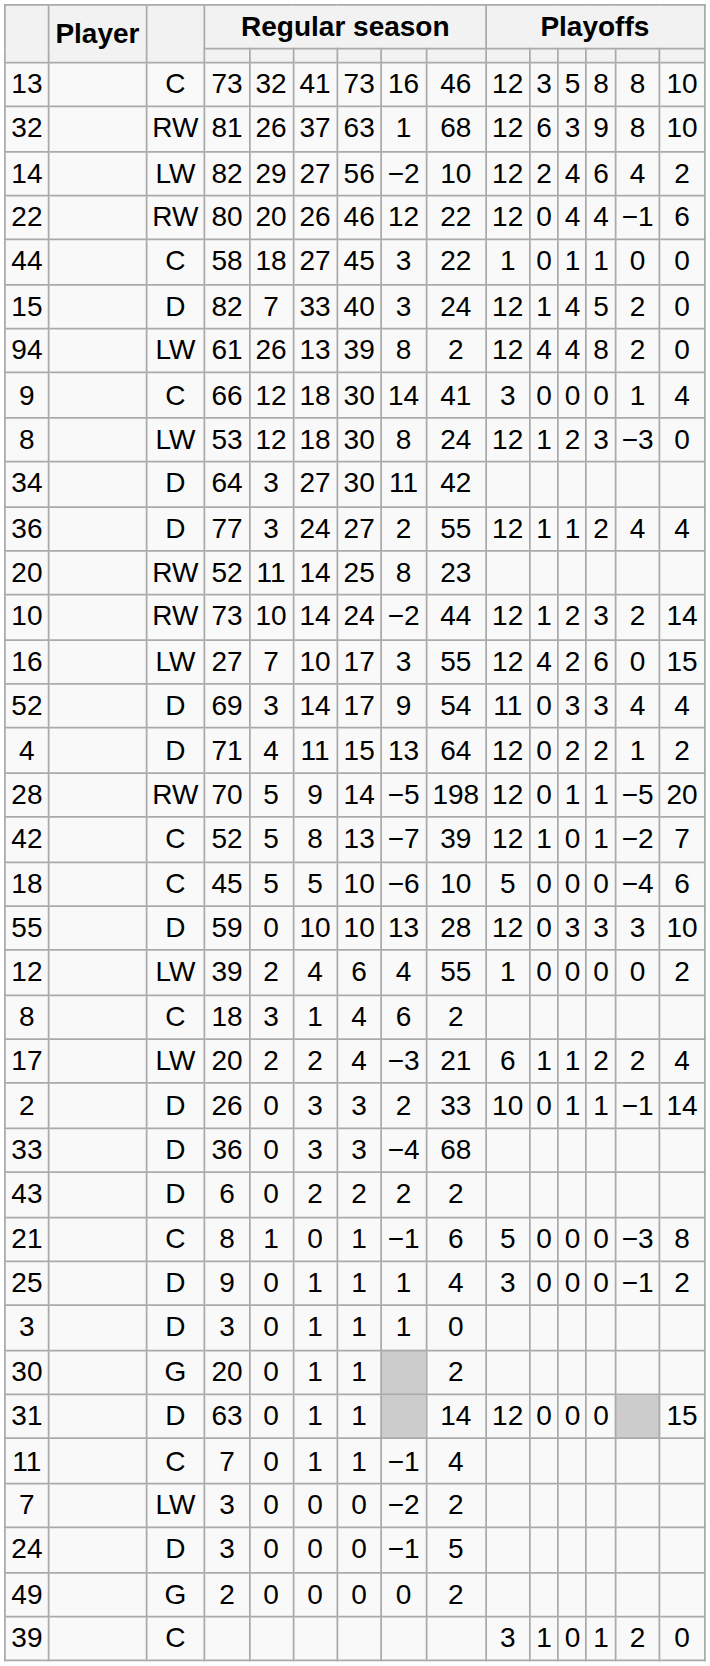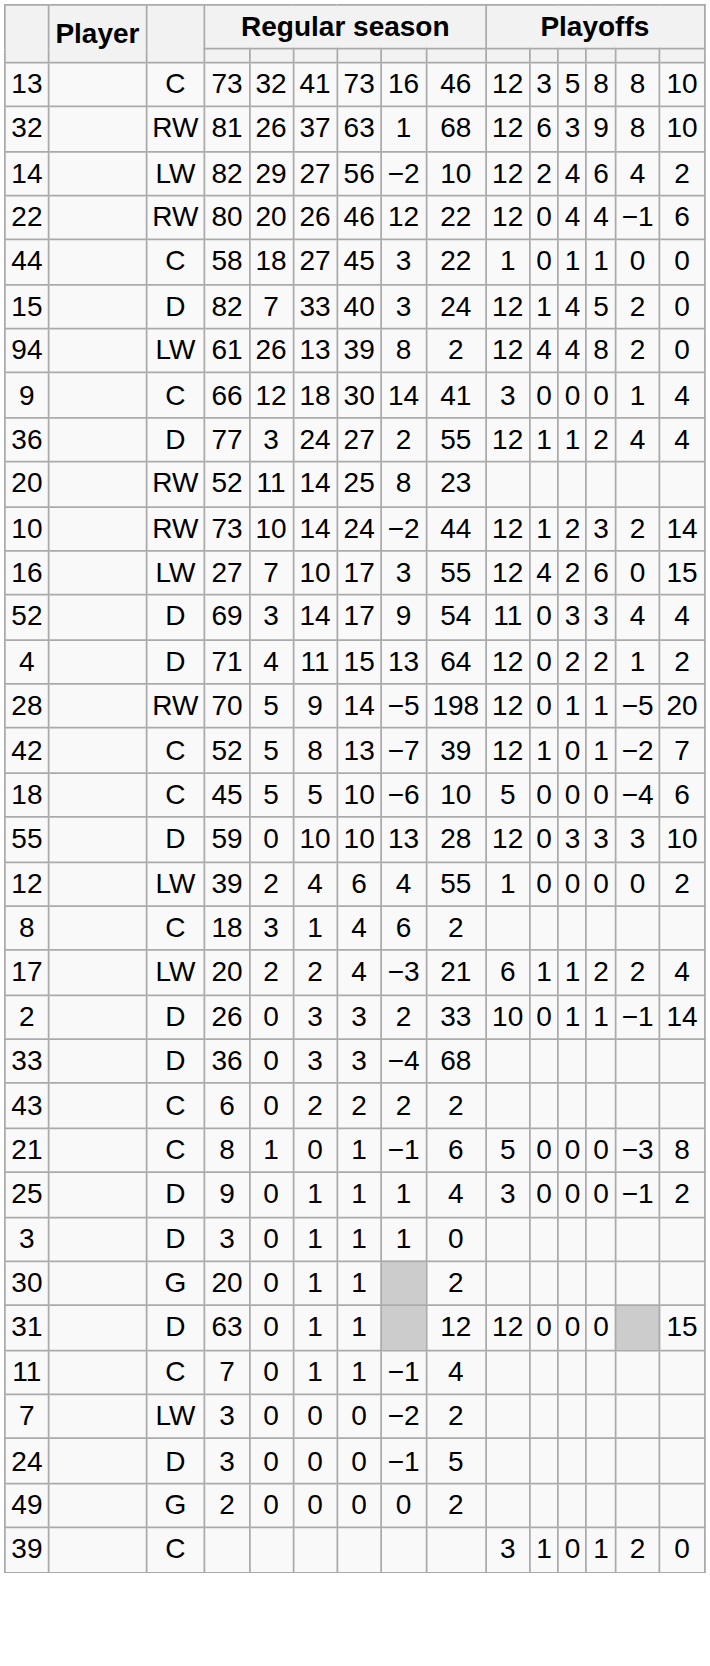 <table class="wikitable sortable plainrowheaders" style="text-align:center;">
 <tr>
 <th scope="col" data-sort-type="number" rowspan="2"></th>
 <th scope="col" rowspan="2">Player</th>
 <th scope="col" rowspan="2"></th>
 <th scope=colgroup colspan=6>Regular season</th>
 <th scope=colgroup colspan=6>Playoffs</th>
 </tr>
 <tr>
 <th scope="col" data-sort-type="number"></th>
 <th scope="col" data-sort-type="number"></th>
 <th scope="col" data-sort-type="number"></th>
 <th scope="col" data-sort-type="number"></th>
 <th scope="col" data-sort-type="number"></th>
 <th scope="col" data-sort-type="number"></th>
 <th scope="col" data-sort-type="number"></th>
 <th scope="col" data-sort-type="number"></th>
 <th scope="col" data-sort-type="number"></th>
 <th scope="col" data-sort-type="number"></th>
 <th scope="col" data-sort-type="number"></th>
 <th scope="col" data-sort-type="number"></th>
 </tr>
 <tr>
 <td scope="row">13</td>
 <td align="left"></td>
 <td>C</td>
 <td>73</td>
 <td>32</td>
 <td>41</td>
 <td>73</td>
 <td>16</td>
 <td>46</td>
 <td>12</td>
 <td>3</td>
 <td>5</td>
 <td>8</td>
 <td>8</td>
 <td>10</td>
 </tr>
 <tr>
 <td scope="row">32</td>
 <td align="left"></td>
 <td>RW</td>
 <td>81</td>
 <td>26</td>
 <td>37</td>
 <td>63</td>
 <td>1</td>
 <td>68</td>
 <td>12</td>
 <td>6</td>
 <td>3</td>
 <td>9</td>
 <td>8</td>
 <td>10</td>
 </tr>
 <tr>
 <td scope="row">14</td>
 <td align="left"></td>
 <td>LW</td>
 <td>82</td>
 <td>29</td>
 <td>27</td>
 <td>56</td>
 <td>−2</td>
 <td>10</td>
 <td>12</td>
 <td>2</td>
 <td>4</td>
 <td>6</td>
 <td>4</td>
 <td>2</td>
 </tr>
 <tr>
 <td scope="row">22</td>
 <td align="left"></td>
 <td>RW</td>
 <td>80</td>
 <td>20</td>
 <td>26</td>
 <td>46</td>
 <td>12</td>
 <td>22</td>
 <td>12</td>
 <td>0</td>
 <td>4</td>
 <td>4</td>
 <td>−1</td>
 <td>6</td>
 </tr>
 <tr>
 <td scope="row">44</td>
 <td align="left"></td>
 <td>C</td>
 <td>58</td>
 <td>18</td>
 <td>27</td>
 <td>45</td>
 <td>3</td>
 <td>22</td>
 <td>1</td>
 <td>0</td>
 <td>1</td>
 <td>1</td>
 <td>0</td>
 <td>0</td>
 </tr>
 <tr>
 <td scope="row">15</td>
 <td align="left"></td>
 <td>D</td>
 <td>82</td>
 <td>7</td>
 <td>33</td>
 <td>40</td>
 <td>3</td>
 <td>24</td>
 <td>12</td>
 <td>1</td>
 <td>4</td>
 <td>5</td>
 <td>2</td>
 <td>0</td>
 </tr>
 <tr>
 <td scope="row">94</td>
 <td align="left"></td>
 <td>LW</td>
 <td>61</td>
 <td>26</td>
 <td>13</td>
 <td>39</td>
 <td>8</td>
 <td>2</td>
 <td>12</td>
 <td>4</td>
 <td>4</td>
 <td>8</td>
 <td>2</td>
 <td>0</td>
 </tr>
 <tr>
 <td scope="row">9</td>
 <td align="left"></td>
 <td>C</td>
 <td>66</td>
 <td>12</td>
 <td>18</td>
 <td>30</td>
 <td>14</td>
 <td>41</td>
 <td>3</td>
 <td>0</td>
 <td>0</td>
 <td>0</td>
 <td>1</td>
 <td>4</td>
-</tr>
-<tr>
-<td scope="row">8</td>
-<td align="left"></td>
-<td>LW</td>
-<td>53</td>
-<td>12</td>
-<td>18</td>
-<td>30</td>
-<td>8</td>
-<td>24</td>
-<td>12</td>
-<td>1</td>
-<td>2</td>
-<td>3</td>
-<td>−3</td>
-<td>0</td>
-</tr>
-<tr>
-<td scope="row">34</td>
-<td align="left"></td>
-<td>D</td>
-<td>64</td>
-<td>3</td>
-<td>27</td>
-<td>30</td>
-<td>11</td>
-<td>42</td>
-<td></td>
-<td></td>
-<td></td>
-<td></td>
-<td></td>
-<td></td>
 </tr>
 <tr>
 <td scope="row">36</td>
 <td align="left"></td>
 <td>D</td>
 <td>77</td>
 <td>3</td>
 <td>24</td>
 <td>27</td>
 <td>2</td>
 <td>55</td>
 <td>12</td>
 <td>1</td>
 <td>1</td>
 <td>2</td>
 <td>4</td>
 <td>4</td>
 </tr>
 <tr>
 <td scope="row">20</td>
 <td align="left"></td>
 <td>RW</td>
 <td>52</td>
 <td>11</td>
 <td>14</td>
 <td>25</td>
 <td>8</td>
 <td>23</td>
 <td></td>
 <td></td>
 <td></td>
 <td></td>
 <td></td>
 <td></td>
 </tr>
 <tr>
 <td scope="row">10</td>
 <td align="left"></td>
 <td>RW</td>
 <td>73</td>
 <td>10</td>
 <td>14</td>
 <td>24</td>
 <td>−2</td>
 <td>44</td>
 <td>12</td>
 <td>1</td>
 <td>2</td>
 <td>3</td>
 <td>2</td>
 <td>14</td>
 </tr>
 <tr>
 <td scope="row">16</td>
 <td align="left"></td>
 <td>LW</td>
 <td>27</td>
 <td>7</td>
 <td>10</td>
 <td>17</td>
 <td>3</td>
 <td>55</td>
 <td>12</td>
 <td>4</td>
 <td>2</td>
 <td>6</td>
 <td>0</td>
 <td>15</td>
 </tr>
 <tr>
 <td scope="row">52</td>
 <td align="left"></td>
 <td>D</td>
 <td>69</td>
 <td>3</td>
 <td>14</td>
 <td>17</td>
 <td>9</td>
 <td>54</td>
 <td>11</td>
 <td>0</td>
 <td>3</td>
 <td>3</td>
 <td>4</td>
 <td>4</td>
 </tr>
 <tr>
 <td scope="row">4</td>
 <td align="left"></td>
 <td>D</td>
 <td>71</td>
 <td>4</td>
 <td>11</td>
 <td>15</td>
 <td>13</td>
 <td>64</td>
 <td>12</td>
 <td>0</td>
 <td>2</td>
 <td>2</td>
 <td>1</td>
 <td>2</td>
 </tr>
 <tr>
 <td scope="row">28</td>
 <td align="left"></td>
 <td>RW</td>
 <td>70</td>
 <td>5</td>
 <td>9</td>
 <td>14</td>
 <td>−5</td>
 <td>198</td>
 <td>12</td>
 <td>0</td>
 <td>1</td>
 <td>1</td>
 <td>−5</td>
 <td>20</td>
 </tr>
 <tr>
 <td scope="row">42</td>
 <td align="left"></td>
 <td>C</td>
 <td>52</td>
 <td>5</td>
 <td>8</td>
 <td>13</td>
 <td>−7</td>
 <td>39</td>
 <td>12</td>
 <td>1</td>
 <td>0</td>
 <td>1</td>
 <td>−2</td>
 <td>7</td>
 </tr>
 <tr>
 <td scope="row">18</td>
 <td align="left"></td>
 <td>C</td>
 <td>45</td>
 <td>5</td>
 <td>5</td>
 <td>10</td>
 <td>−6</td>
 <td>10</td>
 <td>5</td>
 <td>0</td>
 <td>0</td>
 <td>0</td>
 <td>−4</td>
 <td>6</td>
 </tr>
 <tr>
 <td scope="row">55</td>
 <td align="left"></td>
 <td>D</td>
 <td>59</td>
 <td>0</td>
 <td>10</td>
 <td>10</td>
 <td>13</td>
 <td>28</td>
 <td>12</td>
 <td>0</td>
 <td>3</td>
 <td>3</td>
 <td>3</td>
 <td>10</td>
 </tr>
 <tr>
 <td scope="row">12</td>
 <td align="left"></td>
 <td>LW</td>
 <td>39</td>
 <td>2</td>
 <td>4</td>
 <td>6</td>
 <td>4</td>
 <td>55</td>
 <td>1</td>
 <td>0</td>
 <td>0</td>
 <td>0</td>
 <td>0</td>
 <td>2</td>
 </tr>
 <tr>
 <td scope="row">8</td>
 <td align="left"></td>
 <td>C</td>
 <td>18</td>
 <td>3</td>
 <td>1</td>
 <td>4</td>
 <td>6</td>
 <td>2</td>
 <td></td>
 <td></td>
 <td></td>
 <td></td>
 <td></td>
 <td></td>
 </tr>
 <tr>
 <td scope="row">17</td>
 <td align="left"></td>
 <td>LW</td>
 <td>20</td>
 <td>2</td>
 <td>2</td>
 <td>4</td>
 <td>−3</td>
 <td>21</td>
 <td>6</td>
 <td>1</td>
 <td>1</td>
 <td>2</td>
 <td>2</td>
 <td>4</td>
 </tr>
 <tr>
 <td scope="row">2</td>
 <td align="left"></td>
 <td>D</td>
 <td>26</td>
 <td>0</td>
 <td>3</td>
 <td>3</td>
 <td>2</td>
 <td>33</td>
 <td>10</td>
 <td>0</td>
 <td>1</td>
 <td>1</td>
 <td>−1</td>
 <td>14</td>
 </tr>
 <tr>
 <td scope="row">33</td>
 <td align="left"></td>
 <td>D</td>
 <td>36</td>
 <td>0</td>
 <td>3</td>
 <td>3</td>
 <td>−4</td>
 <td>68</td>
 <td></td>
 <td></td>
 <td></td>
 <td></td>
 <td></td>
 <td></td>
 </tr>
 <tr>
 <td scope="row">43</td>
 <td align="left"></td>
-<td>D</td>
+<td>C</td>
 <td>6</td>
 <td>0</td>
 <td>2</td>
 <td>2</td>
 <td>2</td>
 <td>2</td>
 <td></td>
 <td></td>
 <td></td>
 <td></td>
 <td></td>
 <td></td>
 </tr>
 <tr>
 <td scope="row">21</td>
 <td align="left"></td>
 <td>C</td>
 <td>8</td>
 <td>1</td>
 <td>0</td>
 <td>1</td>
 <td>−1</td>
 <td>6</td>
 <td>5</td>
 <td>0</td>
 <td>0</td>
 <td>0</td>
 <td>−3</td>
 <td>8</td>
 </tr>
 <tr>
 <td scope="row">25</td>
 <td align="left"></td>
 <td>D</td>
 <td>9</td>
 <td>0</td>
 <td>1</td>
 <td>1</td>
 <td>1</td>
 <td>4</td>
 <td>3</td>
 <td>0</td>
 <td>0</td>
 <td>0</td>
 <td>−1</td>
 <td>2</td>
 </tr>
 <tr>
 <td scope="row">3</td>
 <td align="left"></td>
 <td>D</td>
 <td>3</td>
 <td>0</td>
 <td>1</td>
 <td>1</td>
 <td>1</td>
 <td>0</td>
 <td></td>
 <td></td>
 <td></td>
 <td></td>
 <td></td>
 <td></td>
 </tr>
 <tr>
 <td scope="row">30</td>
 <td align="left"></td>
 <td>G</td>
 <td>20</td>
 <td>0</td>
 <td>1</td>
 <td>1</td>
 <td style="background:#ccc"></td>
 <td>2</td>
 <td></td>
 <td></td>
 <td></td>
 <td></td>
 <td></td>
 <td></td>
 </tr>
 <tr>
 <td scope="row">31</td>
 <td align="left"></td>
 <td>D</td>
 <td>63</td>
 <td>0</td>
 <td>1</td>
 <td>1</td>
 <td style="background:#ccc"></td>
-<td>14</td>
+<td>12</td>
 <td>12</td>
 <td>0</td>
 <td>0</td>
 <td>0</td>
 <td style="background:#ccc"></td>
 <td>15</td>
 </tr>
 <tr>
 <td scope="row">11</td>
 <td align="left"></td>
 <td>C</td>
 <td>7</td>
 <td>0</td>
 <td>1</td>
 <td>1</td>
 <td>−1</td>
 <td>4</td>
 <td></td>
 <td></td>
 <td></td>
 <td></td>
 <td></td>
 <td></td>
 </tr>
 <tr>
 <td scope="row">7</td>
 <td align="left"></td>
 <td>LW</td>
 <td>3</td>
 <td>0</td>
 <td>0</td>
 <td>0</td>
 <td>−2</td>
 <td>2</td>
 <td></td>
 <td></td>
 <td></td>
 <td></td>
 <td></td>
 <td></td>
 </tr>
 <tr>
 <td scope="row">24</td>
 <td align="left"></td>
 <td>D</td>
 <td>3</td>
 <td>0</td>
 <td>0</td>
 <td>0</td>
 <td>−1</td>
 <td>5</td>
 <td></td>
 <td></td>
 <td></td>
 <td></td>
 <td></td>
 <td></td>
 </tr>
 <tr>
 <td scope="row">49</td>
 <td align="left"></td>
 <td>G</td>
 <td>2</td>
 <td>0</td>
 <td>0</td>
 <td>0</td>
 <td>0</td>
 <td>2</td>
 <td></td>
 <td></td>
 <td></td>
 <td></td>
 <td></td>
 <td></td>
 </tr>
 <tr>
 <td scope="row">39</td>
 <td align="left"></td>
 <td>C</td>
 <td></td>
 <td></td>
 <td></td>
 <td></td>
 <td></td>
 <td></td>
 <td>3</td>
 <td>1</td>
 <td>0</td>
 <td>1</td>
 <td>2</td>
 <td>0</td>
 </tr>
 </table>
